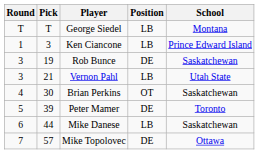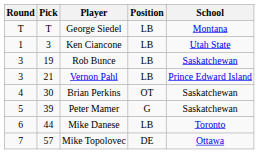 <table class="wikitable" style="font-size: 95%;">
 <tr>
 <th scope="col">Round</th>
 <th scope="col">Pick</th>
 <th scope="col">Player</th>
 <th scope="col">Position</th>
 <th scope="col">School</th>
 </tr>
 <tr align="center">
 <td align=center>T</td>
 <td>T</td>
 <td>George Siedel</td>
 <td>LB</td>
 <td><a href='#'>Montana</a></td>
 </tr>
 <tr align="center">
 <td align=center>1</td>
 <td>3</td>
 <td>Ken Ciancone</td>
 <td>LB</td>
-<td><a href='#'>Prince Edward Island</a></td>
+<td><a href='#'>Utah State</a></td>
 </tr>
 <tr align="center">
 <td align=center>3</td>
 <td>19</td>
 <td>Rob Bunce</td>
-<td>DE</td>
+<td>LB</td>
 <td><a href='#'>Saskatchewan</a></td>
 </tr>
 <tr align="center">
 <td align=center>3</td>
 <td>21</td>
 <td><a href='#'>Vernon Pahl</a></td>
 <td>LB</td>
-<td><a href='#'>Utah State</a></td>
+<td><a href='#'>Prince Edward Island</a></td>
 </tr>
 <tr align="center">
 <td align=center>4</td>
 <td>30</td>
 <td>Brian Perkins</td>
 <td>OT</td>
 <td>Saskatchewan</td>
 </tr>
 <tr align="center">
 <td align=center>5</td>
 <td>39</td>
 <td>Peter Mamer</td>
-<td>DE</td>
-<td><a href='#'>Toronto</a></td>
+<td>G</td>
+<td>Saskatchewan</td>
 </tr>
 <tr align="center">
 <td align=center>6</td>
 <td>44</td>
 <td>Mike Danese</td>
 <td>LB</td>
-<td>Saskatchewan</td>
+<td><a href='#'>Toronto</a></td>
 </tr>
 <tr align="center">
 <td align=center>7</td>
 <td>57</td>
 <td>Mike Topolovec</td>
 <td>DE</td>
 <td><a href='#'>Ottawa</a></td>
 </tr>
 </table>
